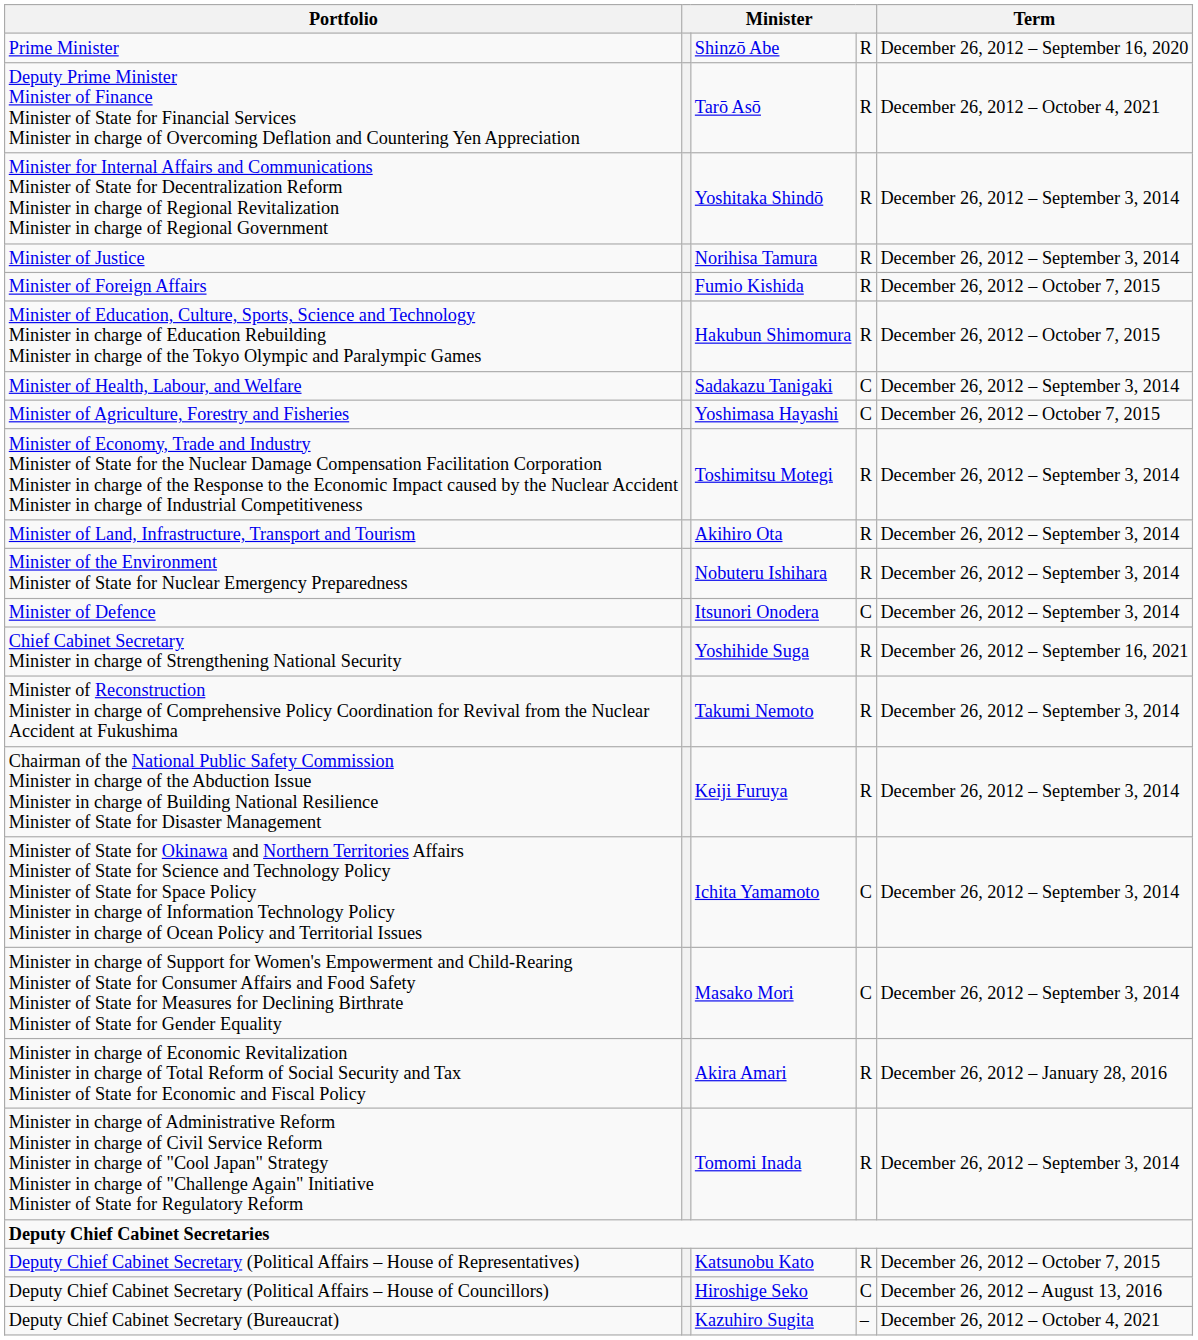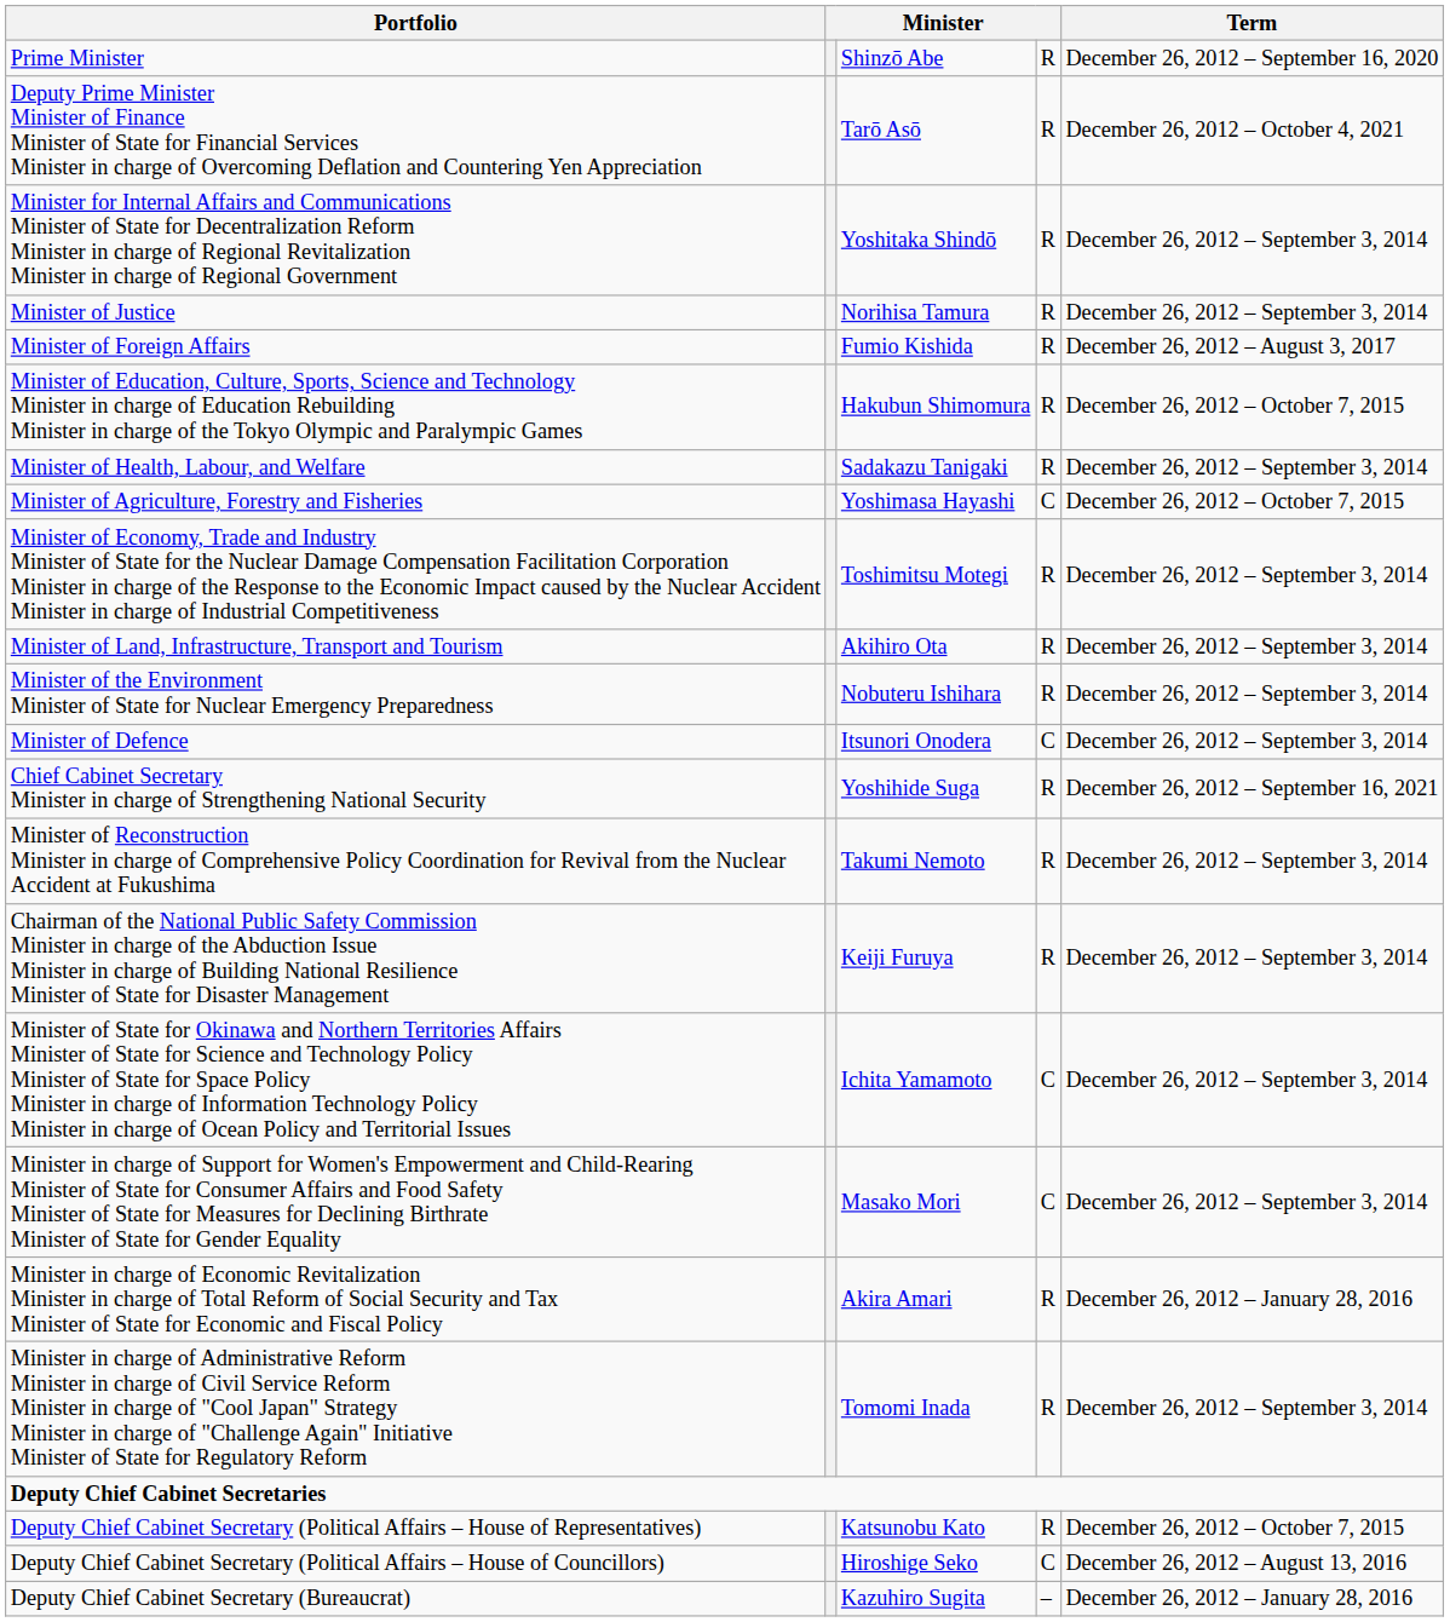 <table class="wikitable">
 <tr>
 <th>Portfolio</th>
 <th colspan=3>Minister</th>
 <th colspan=2>Term</th>
 </tr>
 <tr>
 <td><a href='#'>Prime Minister</a></td>
 <th style="color:inherit;background-color: "></th>
 <td><a href='#'>Shinzō Abe</a></td>
 <td>R</td>
 <td>December 26, 2012 – September 16, 2020</td>
 </tr>
 <tr>
 <td><a href='#'>Deputy Prime Minister</a> <br><a href='#'>Minister of Finance</a> <br>Minister of State for Financial Services <br>Minister in charge of Overcoming Deflation and Countering Yen Appreciation</td>
 <th style="color:inherit;background-color: "></th>
 <td><a href='#'>Tarō Asō</a></td>
 <td>R</td>
 <td>December 26, 2012 – October 4, 2021</td>
 </tr>
 <tr>
 <td><a href='#'>Minister for Internal Affairs and Communications</a> <br> Minister of State for Decentralization Reform <br> Minister in charge of Regional Revitalization <br>Minister in charge of Regional Government</td>
 <th style="color:inherit;background-color: "></th>
 <td><a href='#'>Yoshitaka Shindō</a></td>
 <td>R</td>
 <td>December 26, 2012 – September 3, 2014</td>
 </tr>
 <tr>
 <td><a href='#'>Minister of Justice</a></td>
 <th style="color:inherit;background-color: "></th>
 <td><a href='#'>Norihisa Tamura</a></td>
 <td>R</td>
 <td>December 26, 2012 – September 3, 2014</td>
 </tr>
 <tr>
 <td><a href='#'>Minister of Foreign Affairs</a></td>
 <th style="color:inherit;background-color: "></th>
 <td><a href='#'>Fumio Kishida</a></td>
 <td>R</td>
-<td>December 26, 2012 – October 7, 2015</td>
+<td>December 26, 2012 – August 3, 2017</td>
 </tr>
 <tr>
 <td><a href='#'>Minister of Education, Culture, Sports, Science and Technology</a> <br> Minister in charge of Education Rebuilding  <br> Minister in charge of the Tokyo Olympic and Paralympic Games</td>
 <th style="color:inherit;background-color: "></th>
 <td><a href='#'>Hakubun Shimomura</a></td>
 <td>R</td>
 <td>December 26, 2012 – October 7, 2015</td>
 </tr>
 <tr>
 <td><a href='#'>Minister of Health, Labour, and Welfare</a></td>
 <th style="color:inherit;background-color: "></th>
 <td><a href='#'>Sadakazu Tanigaki</a></td>
-<td>C</td>
+<td>R</td>
 <td>December 26, 2012 – September 3, 2014</td>
 </tr>
 <tr>
 <td><a href='#'>Minister of Agriculture, Forestry and Fisheries</a></td>
 <th style="color:inherit;background-color: "></th>
 <td><a href='#'>Yoshimasa Hayashi</a></td>
 <td>C</td>
 <td>December 26, 2012 – October 7, 2015</td>
 </tr>
 <tr>
 <td><a href='#'>Minister of Economy, Trade and Industry</a> <br> Minister of State for the Nuclear Damage Compensation Facilitation Corporation <br> Minister in charge of the Response to the Economic Impact caused by the Nuclear Accident <br> Minister in charge of Industrial Competitiveness</td>
 <th style="color:inherit;background-color: "></th>
 <td><a href='#'>Toshimitsu Motegi</a></td>
 <td>R</td>
 <td>December 26, 2012 – September 3, 2014</td>
 </tr>
 <tr>
 <td><a href='#'>Minister of Land, Infrastructure, Transport and Tourism</a></td>
 <th style="color:inherit;background-color: "></th>
 <td><a href='#'>Akihiro Ota</a></td>
 <td>R</td>
 <td>December 26, 2012 – September 3, 2014</td>
 </tr>
 <tr>
 <td><a href='#'>Minister of the Environment</a> <br> Minister of State for Nuclear Emergency Preparedness</td>
 <th style="color:inherit;background-color: "></th>
 <td><a href='#'>Nobuteru Ishihara</a></td>
 <td>R</td>
 <td>December 26, 2012 – September 3, 2014</td>
 </tr>
 <tr>
 <td><a href='#'>Minister of Defence</a></td>
 <th style="color:inherit;background-color: "></th>
 <td><a href='#'>Itsunori Onodera</a></td>
 <td>C</td>
 <td>December 26, 2012 – September 3, 2014</td>
 </tr>
 <tr>
 <td><a href='#'>Chief Cabinet Secretary</a> <br> Minister in charge of Strengthening National Security</td>
 <th style="color:inherit;background-color: "></th>
 <td><a href='#'>Yoshihide Suga</a></td>
 <td>R</td>
 <td>December 26, 2012 – September 16, 2021</td>
 </tr>
 <tr>
 <td>Minister of <a href='#'>Reconstruction</a> <br> Minister in charge of Comprehensive Policy Coordination for Revival from the Nuclear <br>Accident at Fukushima</td>
 <th style="color:inherit;background-color: "></th>
 <td><a href='#'>Takumi Nemoto</a></td>
 <td>R</td>
 <td>December 26, 2012 – September 3, 2014</td>
 </tr>
 <tr>
 <td>Chairman of the <a href='#'>National Public Safety Commission</a> <br> Minister in charge of the Abduction Issue <br> Minister in charge of Building National Resilience <br> Minister of State for Disaster Management</td>
 <th style="color:inherit;background-color: "></th>
 <td><a href='#'>Keiji Furuya</a></td>
 <td>R</td>
 <td>December 26, 2012 – September 3, 2014</td>
 </tr>
 <tr>
 <td>Minister of State for <a href='#'>Okinawa</a> and <a href='#'>Northern Territories</a> Affairs <br> Minister of State for Science and Technology Policy  <br> Minister of State for Space Policy  <br> Minister in charge of Information Technology Policy <br> Minister in charge of Ocean Policy and Territorial Issues</td>
 <th style="color:inherit;background-color: "></th>
 <td><a href='#'>Ichita Yamamoto</a></td>
 <td>C</td>
 <td>December 26, 2012 – September 3, 2014</td>
 </tr>
 <tr>
 <td>Minister in charge of Support for Women's Empowerment and Child-Rearing <br> Minister of State for Consumer Affairs and Food Safety <br> Minister of State for Measures for Declining Birthrate <br> Minister of State for Gender Equality</td>
 <th style="color:inherit;background-color: "></th>
 <td><a href='#'>Masako Mori</a></td>
 <td>C</td>
 <td>December 26, 2012 – September 3, 2014</td>
 </tr>
 <tr>
 <td>Minister in charge of Economic Revitalization <br> Minister in charge of Total Reform of Social Security and Tax <br> Minister of State for Economic and Fiscal Policy</td>
 <th style="color:inherit;background-color: "></th>
 <td><a href='#'>Akira Amari</a></td>
 <td>R</td>
 <td>December 26, 2012 – January 28, 2016</td>
 </tr>
 <tr>
 <td>Minister in charge of Administrative Reform <br> Minister in charge of Civil Service Reform <br> Minister in charge of "Cool Japan" Strategy <br> Minister in charge of "Challenge Again" Initiative <br> Minister of State for Regulatory Reform</td>
 <th style="color:inherit;background-color: "></th>
 <td><a href='#'>Tomomi Inada</a></td>
 <td>R</td>
 <td>December 26, 2012 – September 3, 2014</td>
 </tr>
 <tr>
 <td colspan=5><strong>Deputy Chief Cabinet Secretaries</strong></td>
 </tr>
 <tr>
 <td><a href='#'>Deputy Chief Cabinet Secretary</a> (Political Affairs – House of Representatives)</td>
 <th style="color:inherit;background-color: "></th>
 <td><a href='#'>Katsunobu Kato</a></td>
 <td>R</td>
 <td>December 26, 2012 – October 7, 2015</td>
 </tr>
 <tr>
 <td>Deputy Chief Cabinet Secretary (Political Affairs – House of Councillors)</td>
 <th style="color:inherit;background-color: "></th>
 <td><a href='#'>Hiroshige Seko</a></td>
 <td>C</td>
 <td>December 26, 2012 – August 13, 2016</td>
 </tr>
 <tr>
 <td>Deputy Chief Cabinet Secretary (Bureaucrat)</td>
 <th style="color:inherit;background-color: "></th>
 <td><a href='#'>Kazuhiro Sugita</a></td>
 <td>–</td>
-<td>December 26, 2012 – October 4, 2021</td>
+<td>December 26, 2012 – January 28, 2016</td>
 </tr>
 </table>
